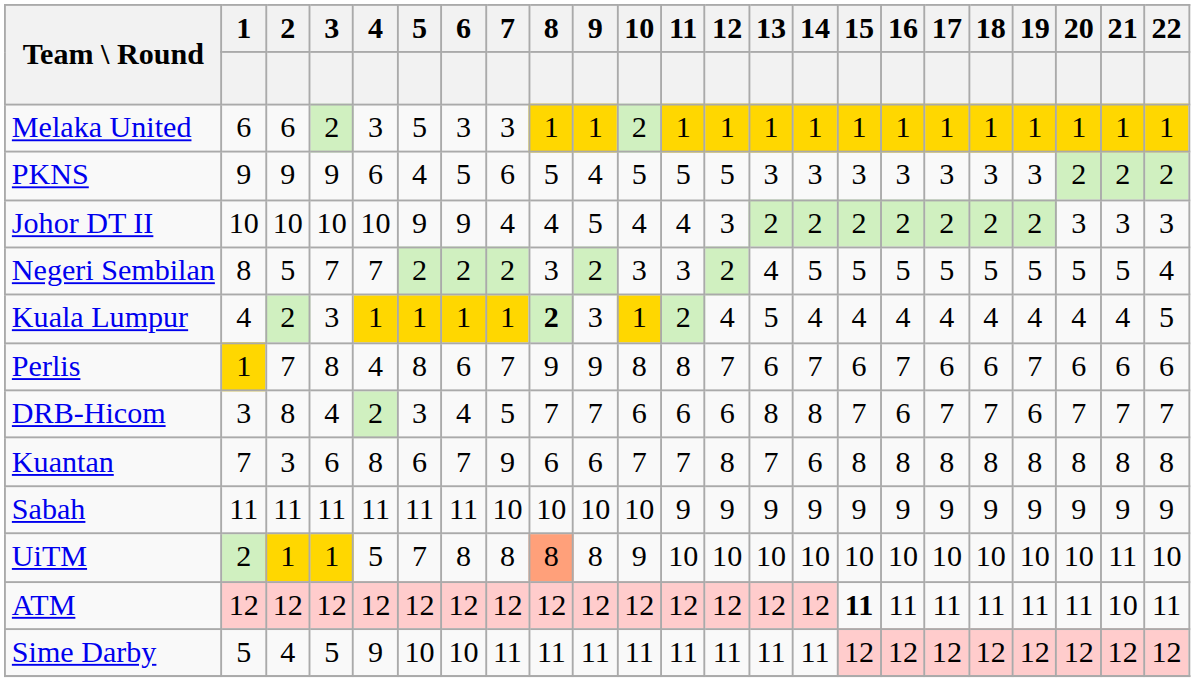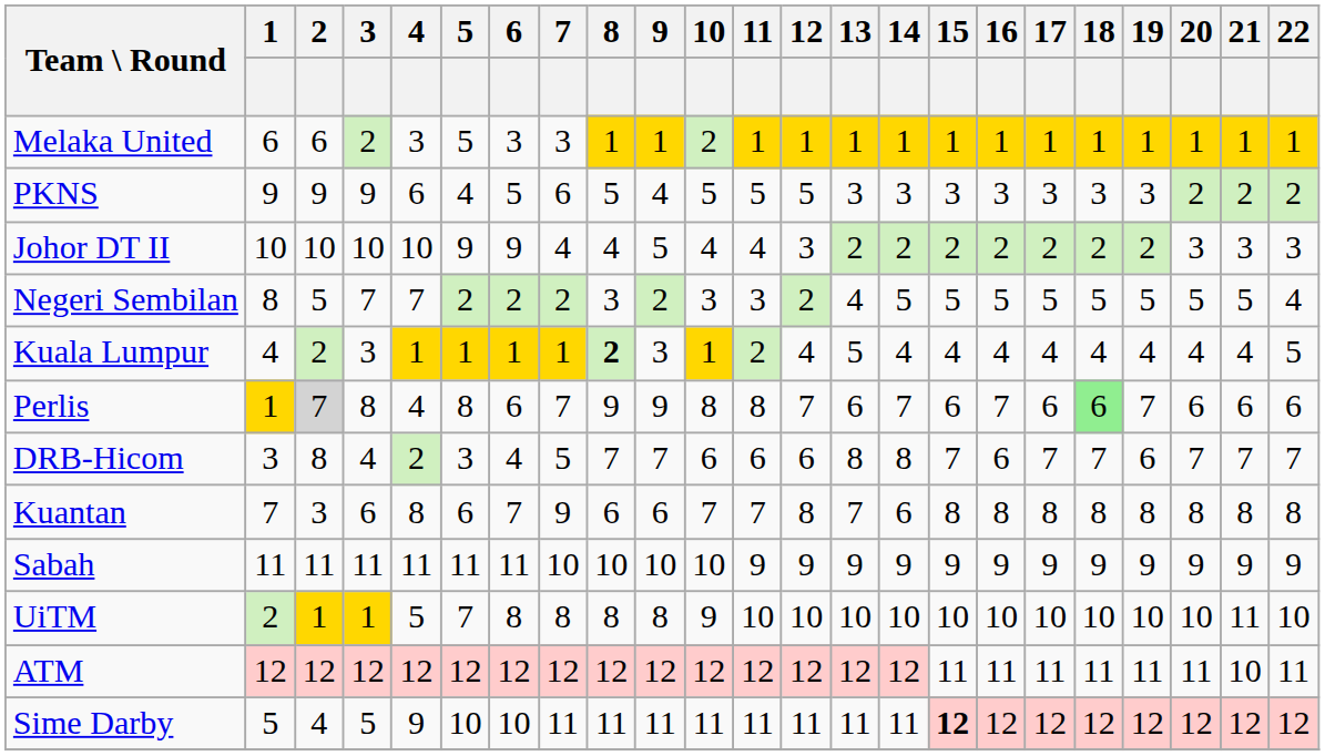 <table class="wikitable sortable" style="text-align:center;">
 <tr>
 <th rowspan="2">Team \ Round</th>
 <th>1</th>
 <th>2</th>
 <th>3</th>
 <th>4</th>
 <th>5</th>
 <th>6</th>
 <th>7</th>
 <th>8</th>
 <th>9</th>
 <th>10</th>
 <th>11</th>
 <th>12</th>
 <th>13</th>
 <th>14</th>
 <th>15</th>
 <th>16</th>
 <th>17</th>
 <th>18</th>
 <th>19</th>
 <th>20</th>
 <th>21</th>
 <th>22</th>
 </tr>
 <tr>
 <th style="height:20px;"></th>
 <th></th>
 <th></th>
 <th></th>
 <th></th>
 <th></th>
 <th></th>
 <th></th>
 <th></th>
 <th></th>
 <th></th>
 <th></th>
 <th></th>
 <th></th>
 <th></th>
 <th></th>
 <th></th>
 <th></th>
 <th></th>
 <th></th>
 <th></th>
 <th></th>
 </tr>
 <tr>
 <td align=left><a href='#'>Melaka United</a></td>
 <td>6</td>
 <td>6</td>
 <td style="background:#d0f0c0;">2</td>
 <td>3</td>
 <td>5</td>
 <td>3</td>
 <td>3</td>
 <td style="background:gold;">1</td>
 <td style="background:gold;">1</td>
 <td style="background:#d0f0c0;">2</td>
 <td style="background:gold;">1</td>
 <td style="background:gold;">1</td>
 <td style="background:gold;">1</td>
 <td style="background:gold;">1</td>
 <td style="background:gold;">1</td>
 <td style="background:gold;">1</td>
 <td style="background:gold;">1</td>
 <td style="background:gold;">1</td>
 <td style="background:gold;">1</td>
 <td style="background:gold;">1</td>
 <td style="background:gold;">1</td>
 <td style="background:gold;">1</td>
 </tr>
 <tr>
 <td align=left><a href='#'>PKNS</a></td>
 <td>9</td>
 <td>9</td>
 <td>9</td>
 <td>6</td>
 <td>4</td>
 <td>5</td>
 <td>6</td>
 <td>5</td>
 <td>4</td>
 <td>5</td>
 <td>5</td>
 <td>5</td>
 <td>3</td>
 <td>3</td>
 <td>3</td>
 <td>3</td>
 <td>3</td>
 <td>3</td>
 <td>3</td>
 <td style="background:#d0f0c0;">2</td>
 <td style="background:#d0f0c0;">2</td>
 <td style="background:#d0f0c0;">2</td>
 </tr>
 <tr>
 <td align=left><a href='#'>Johor DT II</a></td>
 <td>10</td>
 <td>10</td>
 <td>10</td>
 <td>10</td>
 <td>9</td>
 <td>9</td>
 <td>4</td>
 <td>4</td>
 <td>5</td>
 <td>4</td>
 <td>4</td>
 <td>3</td>
 <td style="background:#d0f0c0;">2</td>
 <td style="background:#d0f0c0;">2</td>
 <td style="background:#d0f0c0;">2</td>
 <td style="background:#d0f0c0;">2</td>
 <td style="background:#d0f0c0;">2</td>
 <td style="background:#d0f0c0;">2</td>
 <td style="background:#d0f0c0;">2</td>
 <td>3</td>
 <td>3</td>
 <td>3</td>
 </tr>
 <tr>
 <td align=left><a href='#'>Negeri Sembilan</a></td>
 <td>8</td>
 <td>5</td>
 <td>7</td>
 <td>7</td>
 <td style="background:#d0f0c0;">2</td>
 <td style="background:#d0f0c0;">2</td>
 <td style="background:#d0f0c0;">2</td>
 <td>3</td>
 <td style="background:#d0f0c0;">2</td>
 <td>3</td>
 <td>3</td>
 <td style="background:#d0f0c0;">2</td>
 <td>4</td>
 <td>5</td>
 <td>5</td>
 <td>5</td>
 <td>5</td>
 <td>5</td>
 <td>5</td>
 <td>5</td>
 <td>5</td>
 <td>4</td>
 </tr>
 <tr>
 <td align=left><a href='#'>Kuala Lumpur</a></td>
 <td>4</td>
 <td style="background:#d0f0c0;">2</td>
 <td>3</td>
 <td style="background:gold;">1</td>
 <td style="background:gold;">1</td>
 <td style="background:gold;">1</td>
 <td style="background:gold;">1</td>
 <td style="background:#d0f0c0;"><strong>2</strong></td>
 <td>3</td>
 <td style="background:gold;">1</td>
 <td style="background:#d0f0c0;">2</td>
 <td>4</td>
 <td>5</td>
 <td>4</td>
 <td>4</td>
 <td>4</td>
 <td>4</td>
 <td>4</td>
 <td>4</td>
 <td>4</td>
 <td>4</td>
 <td>5</td>
 </tr>
 <tr>
 <td align=left><a href='#'>Perlis</a></td>
 <td style="background:gold;">1</td>
-<td>7</td>
+<td style="background: lightgrey;">7</td>
 <td>8</td>
 <td>4</td>
 <td>8</td>
 <td>6</td>
 <td>7</td>
 <td>9</td>
 <td>9</td>
 <td>8</td>
 <td>8</td>
 <td>7</td>
 <td>6</td>
 <td>7</td>
 <td>6</td>
 <td>7</td>
 <td>6</td>
-<td>6</td>
+<td style="background: lightgreen;">6</td>
 <td>7</td>
 <td>6</td>
 <td>6</td>
 <td>6</td>
 </tr>
 <tr>
 <td align=left><a href='#'>DRB-Hicom</a></td>
 <td>3</td>
 <td>8</td>
 <td>4</td>
 <td style="width:10px; background:#d0f0c0;">2</td>
 <td>3</td>
 <td>4</td>
 <td>5</td>
 <td>7</td>
 <td>7</td>
 <td>6</td>
 <td>6</td>
 <td>6</td>
 <td>8</td>
 <td>8</td>
 <td>7</td>
 <td>6</td>
 <td>7</td>
 <td>7</td>
 <td>6</td>
 <td>7</td>
 <td>7</td>
 <td>7</td>
 </tr>
 <tr>
 <td align=left><a href='#'>Kuantan</a></td>
 <td>7</td>
 <td>3</td>
 <td>6</td>
 <td>8</td>
 <td>6</td>
 <td>7</td>
 <td>9</td>
 <td>6</td>
 <td>6</td>
 <td>7</td>
 <td>7</td>
 <td>8</td>
 <td>7</td>
 <td>6</td>
 <td>8</td>
 <td>8</td>
 <td>8</td>
 <td>8</td>
 <td>8</td>
 <td>8</td>
 <td>8</td>
 <td>8</td>
 </tr>
 <tr>
 <td align=left><a href='#'>Sabah</a></td>
 <td>11</td>
 <td>11</td>
 <td>11</td>
 <td>11</td>
 <td>11</td>
 <td>11</td>
 <td>10</td>
 <td>10</td>
 <td>10</td>
 <td>10</td>
 <td>9</td>
 <td>9</td>
 <td>9</td>
 <td>9</td>
 <td>9</td>
 <td>9</td>
 <td>9</td>
 <td>9</td>
 <td>9</td>
 <td>9</td>
 <td>9</td>
 <td>9</td>
 </tr>
 <tr>
 <td align=left><a href='#'>UiTM</a></td>
 <td style="background:#d0f0c0;">2</td>
 <td style="background:gold;">1</td>
 <td style="background:gold;">1</td>
 <td>5</td>
 <td>7</td>
 <td>8</td>
 <td>8</td>
-<td style="background: lightsalmon;">8</td>
+<td>8</td>
 <td>8</td>
 <td>9</td>
 <td>10</td>
 <td>10</td>
 <td>10</td>
 <td>10</td>
 <td>10</td>
 <td>10</td>
 <td>10</td>
 <td>10</td>
 <td>10</td>
 <td>10</td>
 <td>11</td>
 <td>10</td>
 </tr>
 <tr>
 <td align=left><a href='#'>ATM</a></td>
 <td style="background:#fcc;">12</td>
 <td style="background:#fcc;">12</td>
 <td style="background:#fcc;">12</td>
 <td style="background:#fcc;">12</td>
 <td style="background:#fcc;">12</td>
 <td style="background:#fcc;">12</td>
 <td style="background:#fcc;">12</td>
 <td style="background:#fcc;">12</td>
 <td style="background:#fcc;">12</td>
 <td style="background:#fcc;">12</td>
 <td style="background:#fcc;">12</td>
 <td style="background:#fcc;">12</td>
 <td style="background:#fcc;">12</td>
 <td style="background:#fcc;">12</td>
-<td><strong>11</strong></td>
+<td>11</td>
 <td>11</td>
 <td>11</td>
 <td>11</td>
 <td>11</td>
 <td>11</td>
 <td>10</td>
 <td>11</td>
 </tr>
 <tr>
 <td align=left><a href='#'>Sime Darby</a></td>
 <td>5</td>
 <td>4</td>
 <td>5</td>
 <td>9</td>
 <td>10</td>
 <td>10</td>
 <td>11</td>
 <td>11</td>
 <td>11</td>
 <td>11</td>
 <td>11</td>
 <td>11</td>
 <td>11</td>
 <td>11</td>
-<td style="background:#fcc;">12</td>
+<td style="background:#fcc;"><strong>12</strong></td>
 <td style="background:#fcc;">12</td>
 <td style="background:#fcc;">12</td>
 <td style="background:#fcc;">12</td>
 <td style="background:#fcc;">12</td>
 <td style="background:#fcc;">12</td>
 <td style="background:#fcc;">12</td>
 <td style="background:#fcc;">12</td>
 </tr>
 <tr>
 </tr>
 </table>
